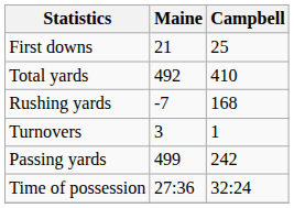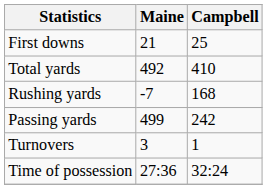 <table class="wikitable">
 <tr>
 <th>Statistics</th>
 <th>Maine</th>
 <th>Campbell</th>
 </tr>
 <tr>
 <td>First downs</td>
 <td>21</td>
 <td>25</td>
 </tr>
 <tr>
 <td>Total yards</td>
 <td>492</td>
 <td>410</td>
 </tr>
 <tr>
 <td>Rushing yards</td>
 <td>-7</td>
 <td>168</td>
 </tr>
 <tr>
+<td>Passing yards</td>
+<td>499</td>
+<td>242</td>
+</tr>
+<tr>
 <td>Turnovers</td>
 <td>3</td>
 <td>1</td>
-</tr>
-<tr>
-<td>Passing yards</td>
-<td>499</td>
-<td>242</td>
 </tr>
 <tr>
 <td>Time of possession</td>
 <td>27:36</td>
 <td>32:24</td>
 </tr>
 <tr>
 </tr>
 </table>
